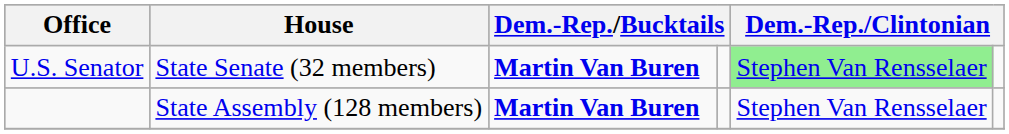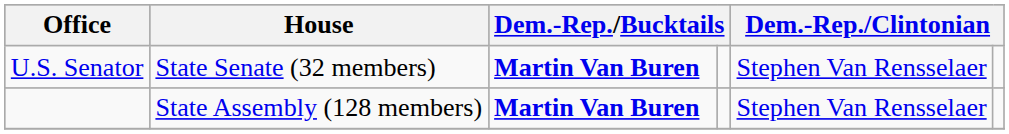 <table class=wikitable>
 <tr bgcolor=lightgrey>
 <th>Office</th>
 <th>House</th>
 <th colspan="2"><a href='#'>Dem.-Rep.</a>/<a href='#'>Bucktails</a></th>
 <th colspan="2"><a href='#'>Dem.-Rep./Clintonian</a></th>
 </tr>
 <tr>
 <td><a href='#'>U.S. Senator</a></td>
 <td><a href='#'>State Senate</a> (32 members)</td>
 <td><strong><a href='#'>Martin Van Buren</a></strong></td>
 <td align="right"></td>
-<td style="background: lightgreen;"><a href='#'>Stephen Van Rensselaer</a></td>
+<td><a href='#'>Stephen Van Rensselaer</a></td>
 <td align="right"></td>
 </tr>
 <tr>
 <td></td>
 <td><a href='#'>State Assembly</a> (128 members)</td>
 <td><strong><a href='#'>Martin Van Buren</a></strong></td>
 <td align="right"></td>
 <td><a href='#'>Stephen Van Rensselaer</a></td>
 <td align="right"></td>
 </tr>
 <tr>
 </tr>
 </table>
